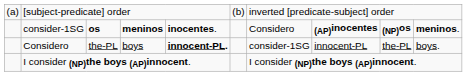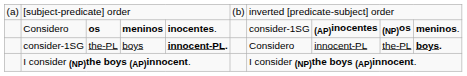 <table class="wikitable">
 <tr>
 <td>(a)</td>
 <td colspan="4">[subject-predicate] order</td>
 <td>(b)</td>
 <td colspan="4">inverted [predicate-subject] order</td>
 </tr>
 <tr>
 <td></td>
-<td>consider-1SG</td>
+<td>Considero</td>
 <td><strong>os</strong></td>
 <td><strong>meninos</strong></td>
 <td><strong>inocentes</strong>.</td>
 <td></td>
-<td>Considero</td>
+<td>consider-1SG</td>
 <td><strong><sub>(AP)</sub>inocentes</strong></td>
 <td><strong><sub>(NP)</sub>os</strong></td>
 <td><strong>meninos</strong>.</td>
 </tr>
 <tr>
 <td></td>
-<td>Considero</td>
+<td>consider-1SG</td>
 <td><u>the-PL</u></td>
 <td><u>boys</u></td>
 <td><strong><u>innocent-PL</u>.</strong></td>
 <td></td>
-<td>consider-1SG</td>
+<td>Considero</td>
 <td><u>innocent-PL</u></td>
 <td><u>the-PL</u></td>
-<td><u>boys</u>.</td>
+<td><strong><u>boys</u>.</strong></td>
 </tr>
 <tr>
 <td></td>
 <td colspan="4">I consider <strong><sub>(NP)</sub>the boys <sub>(AP)</sub>innocent</strong>.</td>
 <td></td>
 <td colspan="4">I consider <strong><sub>(NP)</sub>the boys <sub>(AP)</sub>innocent</strong>.</td>
 </tr>
 </table>
